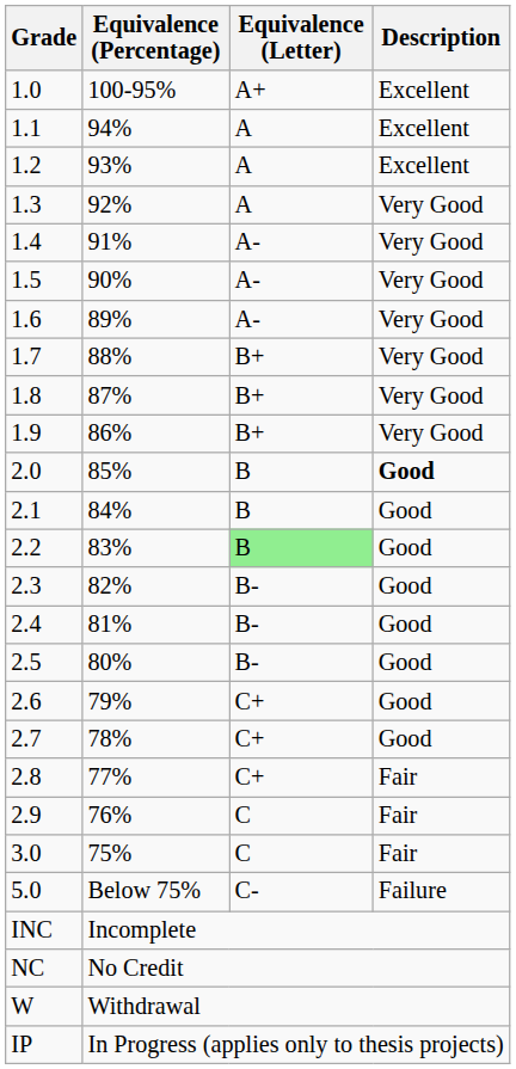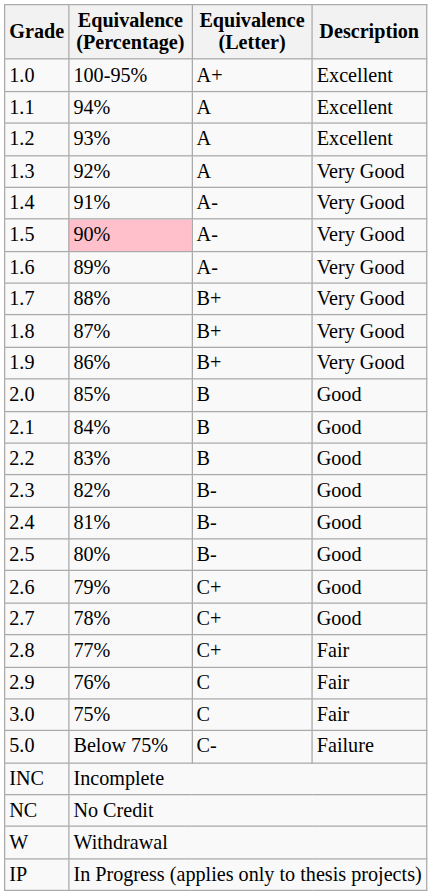 <table class="wikitable">
 <tr>
 <th>Grade</th>
 <th>Equivalence<br>(Percentage)</th>
 <th>Equivalence<br>(Letter)</th>
 <th>Description</th>
 </tr>
 <tr>
 <td>1.0</td>
 <td>100-95%</td>
 <td>A+</td>
 <td>Excellent</td>
 </tr>
 <tr>
 <td>1.1</td>
 <td>94%</td>
 <td>A</td>
 <td>Excellent</td>
 </tr>
 <tr>
 <td>1.2</td>
 <td>93%</td>
 <td>A</td>
 <td>Excellent</td>
 </tr>
 <tr>
 <td>1.3</td>
 <td>92%</td>
 <td>A</td>
 <td>Very Good</td>
 </tr>
 <tr>
 <td>1.4</td>
 <td>91%</td>
 <td>A-</td>
 <td>Very Good</td>
 </tr>
 <tr>
 <td>1.5</td>
-<td>90%</td>
+<td style="background: pink;">90%</td>
 <td>A-</td>
 <td>Very Good</td>
 </tr>
 <tr>
 <td>1.6</td>
 <td>89%</td>
 <td>A-</td>
 <td>Very Good</td>
 </tr>
 <tr>
 <td>1.7</td>
 <td>88%</td>
 <td>B+</td>
 <td>Very Good</td>
 </tr>
 <tr>
 <td>1.8</td>
 <td>87%</td>
 <td>B+</td>
 <td>Very Good</td>
 </tr>
 <tr>
 <td>1.9</td>
 <td>86%</td>
 <td>B+</td>
 <td>Very Good</td>
 </tr>
 <tr>
 <td>2.0</td>
 <td>85%</td>
 <td>B</td>
-<td><strong>Good</strong></td>
+<td>Good</td>
 </tr>
 <tr>
 <td>2.1</td>
 <td>84%</td>
 <td>B</td>
 <td>Good</td>
 </tr>
 <tr>
 <td>2.2</td>
 <td>83%</td>
-<td style="background: lightgreen;">B</td>
+<td>B</td>
 <td>Good</td>
 </tr>
 <tr>
 <td>2.3</td>
 <td>82%</td>
 <td>B-</td>
 <td>Good</td>
 </tr>
 <tr>
 <td>2.4</td>
 <td>81%</td>
 <td>B-</td>
 <td>Good</td>
 </tr>
 <tr>
 <td>2.5</td>
 <td>80%</td>
 <td>B-</td>
 <td>Good</td>
 </tr>
 <tr>
 <td>2.6</td>
 <td>79%</td>
 <td>C+</td>
 <td>Good</td>
 </tr>
 <tr>
 <td>2.7</td>
 <td>78%</td>
 <td>C+</td>
 <td>Good</td>
 </tr>
 <tr>
 <td>2.8</td>
 <td>77%</td>
 <td>C+</td>
 <td>Fair</td>
 </tr>
 <tr>
 <td>2.9</td>
 <td>76%</td>
 <td>C</td>
 <td>Fair</td>
 </tr>
 <tr>
 <td>3.0</td>
 <td>75%</td>
 <td>C</td>
 <td>Fair</td>
 </tr>
 <tr>
 <td>5.0</td>
 <td>Below 75%</td>
 <td>C-</td>
 <td>Failure</td>
 </tr>
 <tr>
 <td>INC</td>
 <td colspan="3">Incomplete</td>
 </tr>
 <tr>
 <td>NC</td>
 <td colspan="3">No Credit</td>
 </tr>
 <tr>
 <td>W</td>
 <td colspan="3">Withdrawal</td>
 </tr>
 <tr>
 <td>IP</td>
 <td colspan="3">In Progress (applies only to thesis projects)</td>
 </tr>
 </table>
